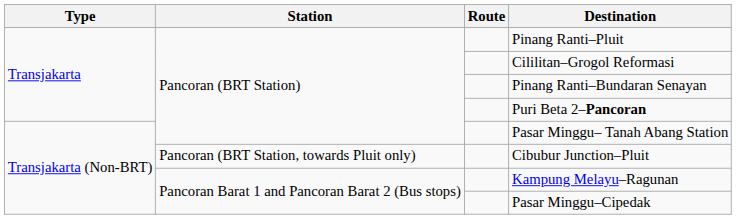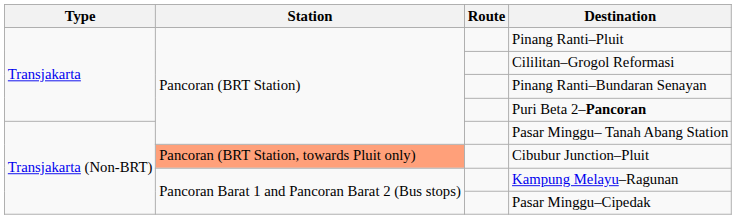 <table class="wikitable">
 <tr>
 <th>Type</th>
 <th>Station</th>
 <th>Route</th>
 <th>Destination</th>
 </tr>
 <tr>
 <td rowspan="4"><a href='#'>Transjakarta</a></td>
 <td rowspan="5">Pancoran (BRT Station)</td>
 <td></td>
 <td>Pinang Ranti–Pluit</td>
 </tr>
 <tr>
 <td></td>
 <td>Cililitan–Grogol Reformasi</td>
 </tr>
 <tr>
 <td></td>
 <td>Pinang Ranti–Bundaran Senayan</td>
 </tr>
 <tr>
 <td></td>
 <td>Puri Beta 2–<strong>Pancoran</strong></td>
 </tr>
 <tr>
 <td rowspan="4"><a href='#'>Transjakarta</a> (Non-BRT)</td>
 <td></td>
 <td>Pasar Minggu– Tanah Abang Station</td>
 </tr>
 <tr>
-<td>Pancoran (BRT Station, towards Pluit only)</td>
+<td style="background: lightsalmon;">Pancoran (BRT Station, towards Pluit only)</td>
 <td></td>
 <td>Cibubur Junction–Pluit</td>
 </tr>
 <tr>
 <td rowspan="2">Pancoran Barat 1 and Pancoran Barat 2 (Bus stops)</td>
 <td></td>
 <td><a href='#'>Kampung Melayu</a>–Ragunan</td>
 </tr>
 <tr>
 <td></td>
 <td>Pasar Minggu–Cipedak</td>
 </tr>
 </table>
